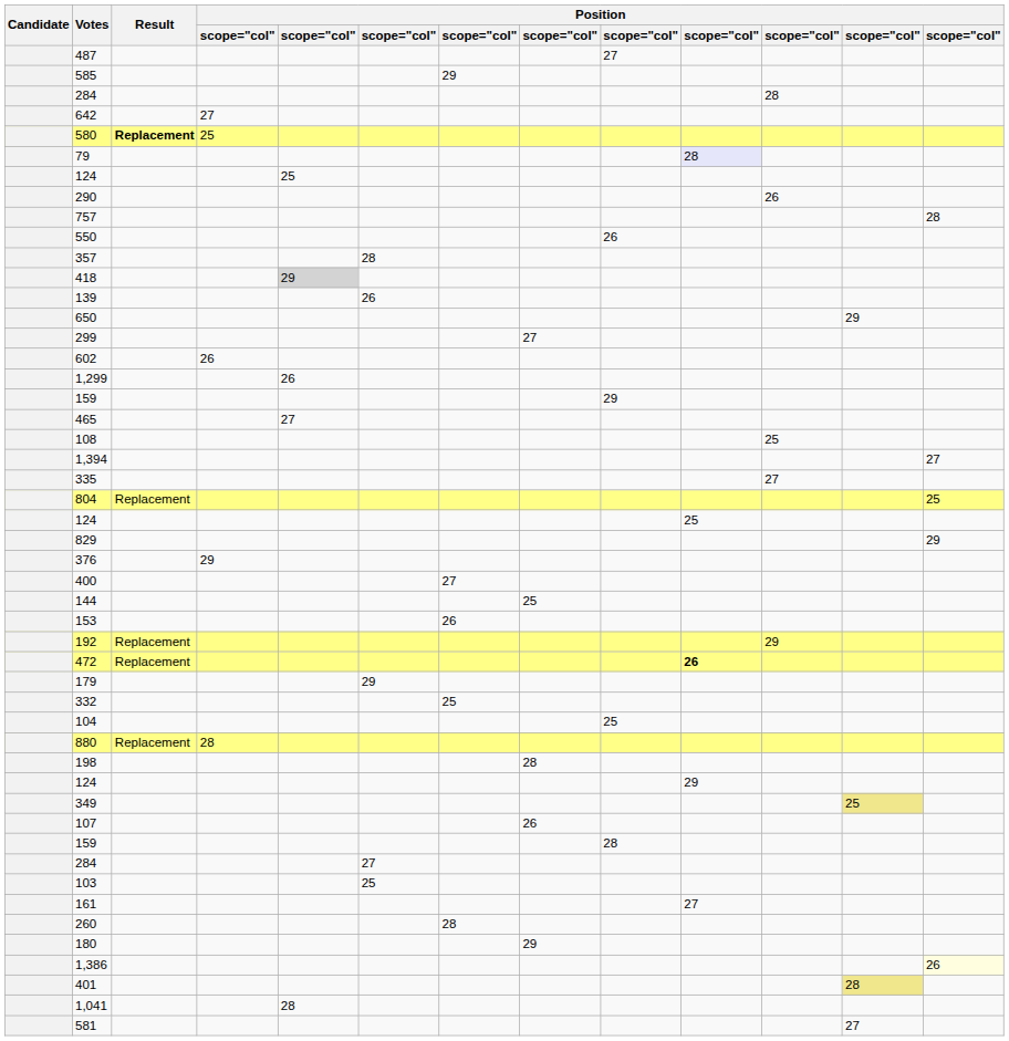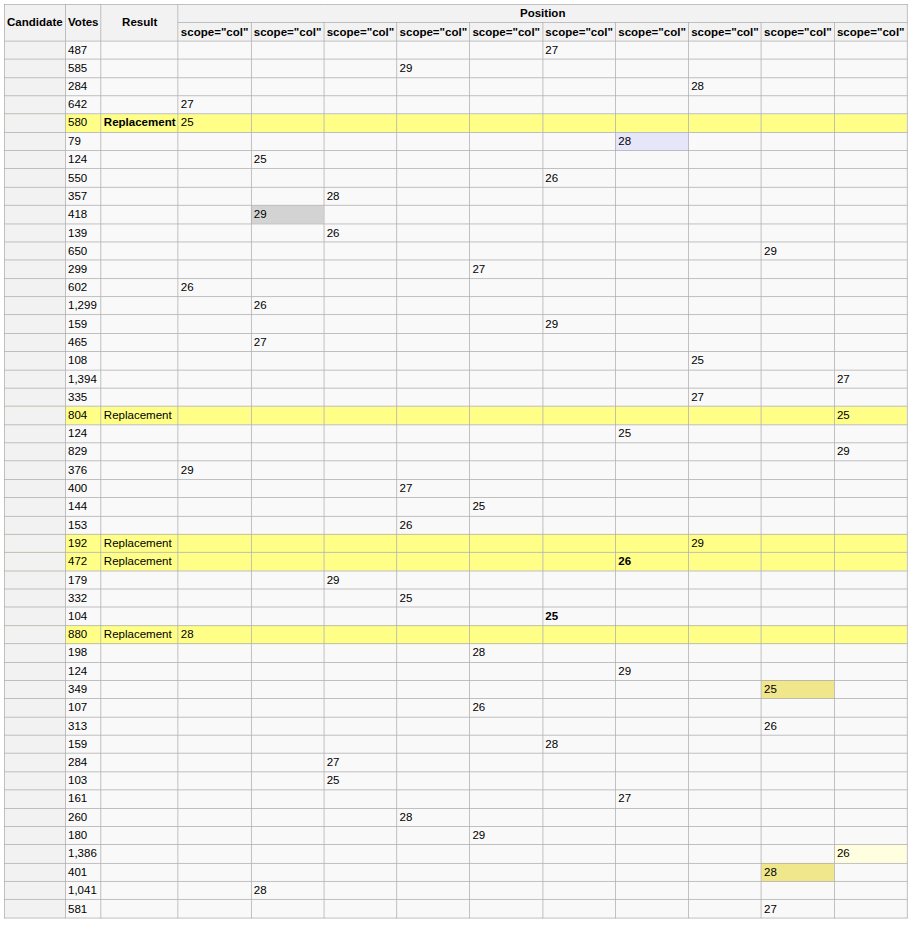 <table class="wikitable sortable defaultright col3left">
 <tr>
 <th scope="col" rowspan="2">Candidate</th>
 <th scope="col" rowspan="2">Votes</th>
 <th scope="col" rowspan="2">Result</th>
 <th scope="col" colspan="10">Position</th>
 </tr>
 <tr>
 <th>scope="col" </th>
 <th>scope="col" </th>
 <th>scope="col" </th>
 <th>scope="col" </th>
 <th>scope="col" </th>
 <th>scope="col" </th>
 <th>scope="col" </th>
 <th>scope="col" </th>
 <th>scope="col" </th>
 <th>scope="col" </th>
 </tr>
 <tr>
 <th scope="row"></th>
 <td>487</td>
 <td></td>
 <td></td>
 <td></td>
 <td></td>
 <td></td>
 <td></td>
 <td>27</td>
 <td></td>
 <td></td>
 <td></td>
 <td></td>
 </tr>
 <tr>
 <th scope="row"></th>
 <td>585</td>
 <td></td>
 <td></td>
 <td></td>
 <td></td>
 <td>29</td>
 <td></td>
 <td></td>
 <td></td>
 <td></td>
 <td></td>
 <td></td>
 </tr>
 <tr>
 <th scope="row"></th>
 <td>284</td>
 <td></td>
 <td></td>
 <td></td>
 <td></td>
 <td></td>
 <td></td>
 <td></td>
 <td></td>
 <td>28</td>
 <td></td>
 <td></td>
 </tr>
 <tr>
 <th scope="row"></th>
 <td>642</td>
 <td></td>
 <td>27</td>
 <td></td>
 <td></td>
 <td></td>
 <td></td>
 <td></td>
 <td></td>
 <td></td>
 <td></td>
 <td></td>
 </tr>
 <tr bgcolor=#FF8>
 <th scope="row"></th>
 <td>580</td>
 <td><strong>Replacement</strong></td>
 <td>25</td>
 <td></td>
 <td></td>
 <td></td>
 <td></td>
 <td></td>
 <td></td>
 <td></td>
 <td></td>
 <td></td>
 </tr>
 <tr>
 <th scope="row"></th>
 <td>79</td>
 <td></td>
 <td></td>
 <td></td>
 <td></td>
 <td></td>
 <td></td>
 <td></td>
 <td style="background: lavender;">28</td>
 <td></td>
 <td></td>
 <td></td>
 </tr>
 <tr>
 <th scope="row"></th>
 <td>124</td>
 <td></td>
 <td></td>
 <td>25</td>
 <td></td>
 <td></td>
 <td></td>
 <td></td>
 <td></td>
 <td></td>
 <td></td>
 <td></td>
-</tr>
-<tr>
-<th scope="row"></th>
-<td>290</td>
-<td></td>
-<td></td>
-<td></td>
-<td></td>
-<td></td>
-<td></td>
-<td></td>
-<td></td>
-<td>26</td>
-<td></td>
-<td></td>
-</tr>
-<tr>
-<th scope="row"></th>
-<td>757</td>
-<td></td>
-<td></td>
-<td></td>
-<td></td>
-<td></td>
-<td></td>
-<td></td>
-<td></td>
-<td></td>
-<td></td>
-<td>28</td>
 </tr>
 <tr>
 <th scope="row"></th>
 <td>550</td>
 <td></td>
 <td></td>
 <td></td>
 <td></td>
 <td></td>
 <td></td>
 <td>26</td>
 <td></td>
 <td></td>
 <td></td>
 <td></td>
 </tr>
 <tr>
 <th scope="row"></th>
 <td>357</td>
 <td></td>
 <td></td>
 <td></td>
 <td>28</td>
 <td></td>
 <td></td>
 <td></td>
 <td></td>
 <td></td>
 <td></td>
 <td></td>
 </tr>
 <tr>
 <th scope="row"></th>
 <td>418</td>
 <td></td>
 <td></td>
 <td style="background: lightgrey;">29</td>
 <td></td>
 <td></td>
 <td></td>
 <td></td>
 <td></td>
 <td></td>
 <td></td>
 <td></td>
 </tr>
 <tr>
 <th scope="row"></th>
 <td>139</td>
 <td></td>
 <td></td>
 <td></td>
 <td>26</td>
 <td></td>
 <td></td>
 <td></td>
 <td></td>
 <td></td>
 <td></td>
 <td></td>
 </tr>
 <tr>
 <th scope="row"></th>
 <td>650</td>
 <td></td>
 <td></td>
 <td></td>
 <td></td>
 <td></td>
 <td></td>
 <td></td>
 <td></td>
 <td></td>
 <td>29</td>
 <td></td>
 </tr>
 <tr>
 <th scope="row"></th>
 <td>299</td>
 <td></td>
 <td></td>
 <td></td>
 <td></td>
 <td></td>
 <td>27</td>
 <td></td>
 <td></td>
 <td></td>
 <td></td>
 <td></td>
 </tr>
 <tr>
 <th scope="row"></th>
 <td>602</td>
 <td></td>
 <td>26</td>
 <td></td>
 <td></td>
 <td></td>
 <td></td>
 <td></td>
 <td></td>
 <td></td>
 <td></td>
 <td></td>
 </tr>
 <tr>
 <th scope="row"></th>
 <td>1,299</td>
 <td></td>
 <td></td>
 <td>26</td>
 <td></td>
 <td></td>
 <td></td>
 <td></td>
 <td></td>
 <td></td>
 <td></td>
 <td></td>
 </tr>
 <tr>
 <th scope="row"></th>
 <td>159</td>
 <td></td>
 <td></td>
 <td></td>
 <td></td>
 <td></td>
 <td></td>
 <td>29</td>
 <td></td>
 <td></td>
 <td></td>
 <td></td>
 </tr>
 <tr>
 <th scope="row"></th>
 <td>465</td>
 <td></td>
 <td></td>
 <td>27</td>
 <td></td>
 <td></td>
 <td></td>
 <td></td>
 <td></td>
 <td></td>
 <td></td>
 <td></td>
 </tr>
 <tr>
 <th scope="row"></th>
 <td>108</td>
 <td></td>
 <td></td>
 <td></td>
 <td></td>
 <td></td>
 <td></td>
 <td></td>
 <td></td>
 <td>25</td>
 <td></td>
 <td></td>
 </tr>
 <tr>
 <th scope="row"></th>
 <td>1,394</td>
 <td></td>
 <td></td>
 <td></td>
 <td></td>
 <td></td>
 <td></td>
 <td></td>
 <td></td>
 <td></td>
 <td></td>
 <td>27</td>
 </tr>
 <tr>
 <th scope="row"></th>
 <td>335</td>
 <td></td>
 <td></td>
 <td></td>
 <td></td>
 <td></td>
 <td></td>
 <td></td>
 <td></td>
 <td>27</td>
 <td></td>
 <td></td>
 </tr>
 <tr bgcolor=#FF8>
 <th scope="row"></th>
 <td>804</td>
 <td>Replacement</td>
 <td></td>
 <td></td>
 <td></td>
 <td></td>
 <td></td>
 <td></td>
 <td></td>
 <td></td>
 <td></td>
 <td>25</td>
 </tr>
 <tr>
 <th scope="row"></th>
 <td>124</td>
 <td></td>
 <td></td>
 <td></td>
 <td></td>
 <td></td>
 <td></td>
 <td></td>
 <td>25</td>
 <td></td>
 <td></td>
 <td></td>
 </tr>
 <tr>
 <th scope="row"></th>
 <td>829</td>
 <td></td>
 <td></td>
 <td></td>
 <td></td>
 <td></td>
 <td></td>
 <td></td>
 <td></td>
 <td></td>
 <td></td>
 <td>29</td>
 </tr>
 <tr>
 <th scope="row"></th>
 <td>376</td>
 <td></td>
 <td>29</td>
 <td></td>
 <td></td>
 <td></td>
 <td></td>
 <td></td>
 <td></td>
 <td></td>
 <td></td>
 <td></td>
 </tr>
 <tr>
 <th scope="row"></th>
 <td>400</td>
 <td></td>
 <td></td>
 <td></td>
 <td></td>
 <td>27</td>
 <td></td>
 <td></td>
 <td></td>
 <td></td>
 <td></td>
 <td></td>
 </tr>
 <tr>
 <th scope="row"></th>
 <td>144</td>
 <td></td>
 <td></td>
 <td></td>
 <td></td>
 <td></td>
 <td>25</td>
 <td></td>
 <td></td>
 <td></td>
 <td></td>
 <td></td>
 </tr>
 <tr>
 <th scope="row"></th>
 <td>153</td>
 <td></td>
 <td></td>
 <td></td>
 <td></td>
 <td>26</td>
 <td></td>
 <td></td>
 <td></td>
 <td></td>
 <td></td>
 <td></td>
 </tr>
 <tr bgcolor=#FF8>
 <th scope="row"></th>
 <td>192</td>
 <td>Replacement</td>
 <td></td>
 <td></td>
 <td></td>
 <td></td>
 <td></td>
 <td></td>
 <td></td>
 <td>29</td>
 <td></td>
 <td></td>
 </tr>
 <tr bgcolor=#FF8>
 <th scope="row"></th>
 <td>472</td>
 <td>Replacement</td>
 <td></td>
 <td></td>
 <td></td>
 <td></td>
 <td></td>
 <td></td>
 <td><strong>26</strong></td>
 <td></td>
 <td></td>
 <td></td>
 </tr>
 <tr>
 <th scope="row"></th>
 <td>179</td>
 <td></td>
 <td></td>
 <td></td>
 <td>29</td>
 <td></td>
 <td></td>
 <td></td>
 <td></td>
 <td></td>
 <td></td>
 <td></td>
 </tr>
 <tr>
 <th scope="row"></th>
 <td>332</td>
 <td></td>
 <td></td>
 <td></td>
 <td></td>
 <td>25</td>
 <td></td>
 <td></td>
 <td></td>
 <td></td>
 <td></td>
 <td></td>
 </tr>
 <tr>
 <th scope="row"></th>
 <td>104</td>
 <td></td>
 <td></td>
 <td></td>
 <td></td>
 <td></td>
 <td></td>
-<td>25</td>
+<td><strong>25</strong></td>
 <td></td>
 <td></td>
 <td></td>
 <td></td>
 </tr>
 <tr bgcolor=#FF8>
 <th scope="row"></th>
 <td>880</td>
 <td>Replacement</td>
 <td>28</td>
 <td></td>
 <td></td>
 <td></td>
 <td></td>
 <td></td>
 <td></td>
 <td></td>
 <td></td>
 <td></td>
 </tr>
 <tr>
 <th scope="row"></th>
 <td>198</td>
 <td></td>
 <td></td>
 <td></td>
 <td></td>
 <td></td>
 <td>28</td>
 <td></td>
 <td></td>
 <td></td>
 <td></td>
 <td></td>
 </tr>
 <tr>
 <th scope="row"></th>
 <td>124</td>
 <td></td>
 <td></td>
 <td></td>
 <td></td>
 <td></td>
 <td></td>
 <td></td>
 <td>29</td>
 <td></td>
 <td></td>
 <td></td>
 </tr>
 <tr>
 <th scope="row"></th>
 <td>349</td>
 <td></td>
 <td></td>
 <td></td>
 <td></td>
 <td></td>
 <td></td>
 <td></td>
 <td></td>
 <td></td>
 <td style="background: khaki;">25</td>
 <td></td>
 </tr>
 <tr>
 <th scope="row"></th>
 <td>107</td>
 <td></td>
 <td></td>
 <td></td>
 <td></td>
 <td></td>
 <td>26</td>
 <td></td>
 <td></td>
 <td></td>
 <td></td>
+<td></td>
+</tr>
+<tr>
+<th scope="row"></th>
+<td>313</td>
+<td></td>
+<td></td>
+<td></td>
+<td></td>
+<td></td>
+<td></td>
+<td></td>
+<td></td>
+<td></td>
+<td>26</td>
 <td></td>
 </tr>
 <tr>
 <th scope="row"></th>
 <td>159</td>
 <td></td>
 <td></td>
 <td></td>
 <td></td>
 <td></td>
 <td></td>
 <td>28</td>
 <td></td>
 <td></td>
 <td></td>
 <td></td>
 </tr>
 <tr>
 <th scope="row"></th>
 <td>284</td>
 <td></td>
 <td></td>
 <td></td>
 <td>27</td>
 <td></td>
 <td></td>
 <td></td>
 <td></td>
 <td></td>
 <td></td>
 <td></td>
 </tr>
 <tr>
 <th scope="row"></th>
 <td>103</td>
 <td></td>
 <td></td>
 <td></td>
 <td>25</td>
 <td></td>
 <td></td>
 <td></td>
 <td></td>
 <td></td>
 <td></td>
 <td></td>
 </tr>
 <tr>
 <th scope="row"></th>
 <td>161</td>
 <td></td>
 <td></td>
 <td></td>
 <td></td>
 <td></td>
 <td></td>
 <td></td>
 <td>27</td>
 <td></td>
 <td></td>
 <td></td>
 </tr>
 <tr>
 <th scope="row"></th>
 <td>260</td>
 <td></td>
 <td></td>
 <td></td>
 <td></td>
 <td>28</td>
 <td></td>
 <td></td>
 <td></td>
 <td></td>
 <td></td>
 <td></td>
 </tr>
 <tr>
 <th scope="row"></th>
 <td>180</td>
 <td></td>
 <td></td>
 <td></td>
 <td></td>
 <td></td>
 <td>29</td>
 <td></td>
 <td></td>
 <td></td>
 <td></td>
 <td></td>
 </tr>
 <tr>
 <th scope="row"></th>
 <td>1,386</td>
 <td></td>
 <td></td>
 <td></td>
 <td></td>
 <td></td>
 <td></td>
 <td></td>
 <td></td>
 <td></td>
 <td></td>
 <td style="background: lightyellow;">26</td>
 </tr>
 <tr>
 <th scope="row"></th>
 <td>401</td>
 <td></td>
 <td></td>
 <td></td>
 <td></td>
 <td></td>
 <td></td>
 <td></td>
 <td></td>
 <td></td>
 <td style="background: khaki;">28</td>
 <td></td>
 </tr>
 <tr>
 <th scope="row"></th>
 <td>1,041</td>
 <td></td>
 <td></td>
 <td>28</td>
 <td></td>
 <td></td>
 <td></td>
 <td></td>
 <td></td>
 <td></td>
 <td></td>
 <td></td>
 </tr>
 <tr>
 <th scope="row"></th>
 <td>581</td>
 <td></td>
 <td></td>
 <td></td>
 <td></td>
 <td></td>
 <td></td>
 <td></td>
 <td></td>
 <td></td>
 <td>27</td>
 <td></td>
 </tr>
 </table>
